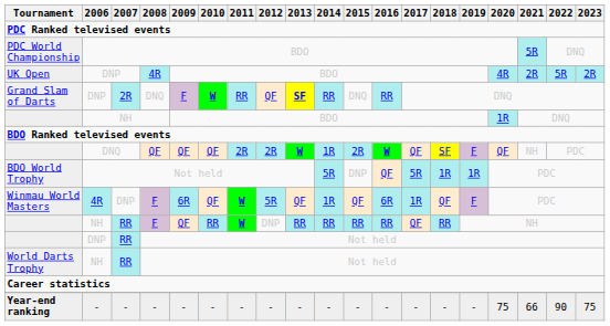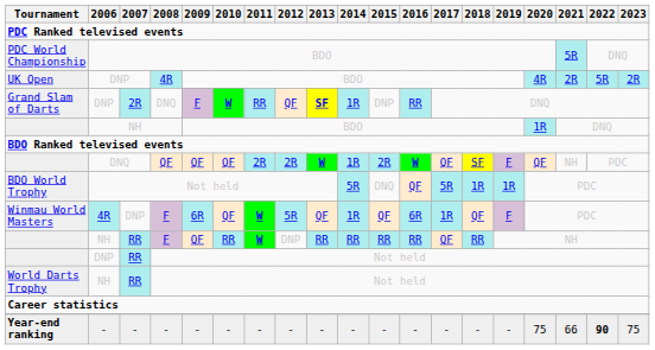 <table class="wikitable" style="width:50%; margin:0">
 <tr>
 <th>Tournament</th>
 <th>2006</th>
 <th>2007</th>
 <th>2008</th>
 <th>2009</th>
 <th>2010</th>
 <th>2011</th>
 <th>2012</th>
 <th>2013</th>
 <th>2014</th>
 <th>2015</th>
 <th>2016</th>
 <th>2017</th>
 <th>2018</th>
 <th>2019</th>
 <th>2020</th>
 <th>2021</th>
 <th>2022</th>
 <th>2023</th>
 </tr>
 <tr>
 <td colspan="31" align="left"><strong><a href='#'>PDC</a> Ranked televised events</strong></td>
 </tr>
 <tr>
 <td style="background:#efefef;"><a href='#'>PDC World Championship</a></td>
 <td colspan="15" style="text-align:center; color:#ccc;">BDO</td>
 <td style="text-align:center; background:#afeeee;"><a href='#'>5R</a></td>
 <td colspan="2" style="text-align:center; color:#ccc;">DNQ</td>
 </tr>
 <tr>
 <td style="background:#efefef;"><a href='#'>UK Open</a></td>
 <td colspan="2" style="text-align:center; color:#ccc;">DNP</td>
 <td style="text-align:center; background:#afeeee;"><a href='#'>4R</a></td>
 <td colspan="11" style="text-align:center; color:#ccc;">BDO</td>
 <td style="text-align:center; background:#afeeee;"><a href='#'>4R</a></td>
 <td style="text-align:center; background:#afeeee;"><a href='#'>2R</a></td>
 <td style="text-align:center; background:#afeeee;"><a href='#'>5R</a></td>
 <td style="text-align:center; background:#afeeee;"><a href='#'>2R</a></td>
 </tr>
 <tr>
 <td style="background:#efefef;"><a href='#'>Grand Slam of Darts</a></td>
 <td style="text-align:center; color:#ccc;">DNP</td>
 <td style="text-align:center; background:#afeeee;"><a href='#'>2R</a></td>
 <td style="text-align:center; color:#ccc;">DNQ</td>
 <td style="text-align:center; background:thistle;"><a href='#'>F</a></td>
 <td style="text-align:center; background:lime;"><strong><a href='#'>W</a></strong></td>
 <td style="text-align:center; background:#afeeee;"><a href='#'>RR</a></td>
 <td style="text-align:center; background:#ffebcd;"><a href='#'>QF</a></td>
 <td style="text-align:center; background:yellow;"><strong><a href='#'>SF</a></strong></td>
-<td style="text-align:center; background:#afeeee;"><a href='#'>RR</a></td>
-<td style="text-align:center; color:#ccc;">DNQ</td>
+<td style="text-align:center; background:#afeeee;"><a href='#'>1R</a></td>
+<td style="text-align:center; color:#ccc;">DNP</td>
 <td style="text-align:center; background:#afeeee;"><a href='#'>RR</a></td>
 <td colspan="7" style="text-align:center; color:#ccc;">DNQ</td>
 </tr>
 <tr>
 <td style="background:#efefef;"></td>
 <td colspan="3" style="text-align:center; color:#ccc;">NH</td>
 <td colspan="11" style="text-align:center; color:#ccc;">BDO</td>
 <td style="text-align:center; background:#afeeee;"><a href='#'>1R</a></td>
 <td colspan="3"; style="text-align:center; color:#ccc;">DNQ</td>
 </tr>
 <tr>
 <td colspan="31" align="left"><strong><a href='#'>BDO</a> Ranked televised events</strong></td>
 </tr>
 <tr>
 <td style="background:#efefef;"></td>
 <td colspan="2" style="text-align:center; color:#ccc;">DNQ</td>
 <td style="text-align:center; background:#ffebcd;"><a href='#'>QF</a></td>
 <td style="text-align:center; background:#ffebcd;"><a href='#'>QF</a></td>
 <td style="text-align:center; background:#ffebcd;"><a href='#'>QF</a></td>
 <td style="text-align:center; background:#afeeee;"><a href='#'>2R</a></td>
 <td style="text-align:center; background:#afeeee;"><a href='#'>2R</a></td>
 <td style="text-align:center; background:lime;"><strong><a href='#'>W</a></strong></td>
 <td style="text-align:center; background:#afeeee;"><a href='#'>1R</a></td>
 <td style="text-align:center; background:#afeeee;"><a href='#'>2R</a></td>
 <td style="text-align:center; background:lime;"><strong><a href='#'>W</a></strong></td>
 <td style="text-align:center; background:#ffebcd;"><a href='#'>QF</a></td>
 <td style="text-align:center; background:yellow;"><a href='#'>SF</a></td>
 <td style="text-align:center; background:thistle;"><a href='#'>F</a></td>
 <td style="text-align:center; background:#ffebcd;"><a href='#'>QF</a></td>
 <td style="text-align:center; color:#ccc;">NH</td>
 <td colspan="2" style="text-align:center; color:#ccc;">PDC</td>
 </tr>
 <tr>
 <td style="background:#efefef;"><a href='#'>BDO World Trophy</a></td>
 <td colspan="8" style="text-align:center; color:#ccc;">Not held</td>
 <td style="text-align:center; background:#afeeee;"><a href='#'>5R</a></td>
-<td style="text-align:center; color:#ccc;">DNP</td>
+<td style="text-align:center; color:#ccc;">DNQ</td>
 <td style="text-align:center; background:#ffebcd;"><a href='#'>QF</a></td>
 <td style="text-align:center; background:#afeeee;"><a href='#'>5R</a></td>
 <td style="text-align:center; background:#afeeee;"><a href='#'>1R</a></td>
 <td style="text-align:center; background:#afeeee;"><a href='#'>1R</a></td>
 <td colspan="4" style="text-align:center; color:#ccc;">PDC</td>
 </tr>
 <tr>
 <td style="background:#efefef;"><a href='#'>Winmau World Masters</a></td>
 <td style="text-align:center; background:#afeeee;"><a href='#'>4R</a></td>
 <td style="text-align:center; color:#ccc;">DNP</td>
 <td style="text-align:center; background:thistle;"><a href='#'>F</a></td>
 <td style="text-align:center; background:#afeeee;"><a href='#'>6R</a></td>
 <td style="text-align:center; background:#ffebcd;"><a href='#'>QF</a></td>
 <td style="text-align:center; background:lime;"><strong><a href='#'>W</a></strong></td>
 <td style="text-align:center; background:#afeeee;"><a href='#'>5R</a></td>
 <td style="text-align:center; background:#ffebcd;"><a href='#'>QF</a></td>
 <td style="text-align:center; background:#afeeee;"><a href='#'>1R</a></td>
 <td style="text-align:center; background:#ffebcd;"><a href='#'>QF</a></td>
 <td style="text-align:center; background:#afeeee;"><a href='#'>6R</a></td>
 <td style="text-align:center; background:#afeeee;"><a href='#'>1R</a></td>
 <td style="text-align:center; background:#ffebcd;"><a href='#'>QF</a></td>
 <td style="text-align:center; background:thistle;"><a href='#'>F</a></td>
 <td colspan="4" style="text-align:center; color:#ccc;">PDC</td>
 </tr>
 <tr>
 <td style="background:#efefef;"></td>
 <td style="text-align:center; color:#ccc;">NH</td>
 <td style="text-align:center; background:#afeeee;"><a href='#'>RR</a></td>
 <td style="text-align:center; background:thistle;"><a href='#'>F</a></td>
 <td style="text-align:center; background:#ffebcd;"><a href='#'>QF</a></td>
 <td style="text-align:center; background:#afeeee;"><a href='#'>RR</a></td>
 <td style="text-align:center; background:lime;"><strong><a href='#'>W</a></strong></td>
 <td style="text-align:center; color:#ccc;">DNP</td>
 <td style="text-align:center; background:#afeeee;"><a href='#'>RR</a></td>
 <td style="text-align:center; background:#afeeee;"><a href='#'>RR</a></td>
 <td style="text-align:center; background:#afeeee;"><a href='#'>RR</a></td>
 <td style="text-align:center; background:#afeeee;"><a href='#'>RR</a></td>
 <td style="text-align:center; background:#ffebcd;"><a href='#'>QF</a></td>
 <td style="text-align:center; background:#afeeee;"><a href='#'>RR</a></td>
 <td colspan="6" style="text-align:center; color:#ccc;">NH</td>
 </tr>
 <tr>
 <td style="background:#efefef;"></td>
 <td style="text-align:center; color:#ccc;">DNP</td>
 <td style="text-align:center; background:#afeeee;"><a href='#'>RR</a></td>
 <td colspan="17" style="text-align:center; color:#ccc;">Not held</td>
 </tr>
 <tr>
 <td style="background:#efefef;"><a href='#'>World Darts Trophy</a></td>
 <td style="text-align:center; color:#ccc;">NH</td>
 <td style="text-align:center; background:#afeeee;"><a href='#'>RR</a></td>
 <td colspan="17" style="text-align:center; color:#ccc;">Not held</td>
 </tr>
 <tr>
 <td colspan="30" align="left"><strong>Career statistics</strong></td>
 </tr>
 <tr>
 </tr>
 <tr bgcolor="efefef">
 <td align="left"><strong>Year-end ranking</strong></td>
 <td style="text-align:center;">-</td>
 <td style="text-align:center;">-</td>
 <td style="text-align:center;">-</td>
 <td style="text-align:center;">-</td>
 <td style="text-align:center;">-</td>
 <td style="text-align:center;">-</td>
 <td style="text-align:center;">-</td>
 <td style="text-align:center;">-</td>
 <td style="text-align:center;">-</td>
 <td style="text-align:center;">-</td>
 <td style="text-align:center;">-</td>
 <td style="text-align:center;">-</td>
 <td style="text-align:center;">-</td>
 <td style="text-align:center;">-</td>
 <td style="text-align:center;">75</td>
 <td style="text-align:center;">66</td>
-<td style="text-align:center;">90</td>
+<td style="text-align:center;"><strong>90</strong></td>
 <td style="text-align:center;">75</td>
 </tr>
 </table>
